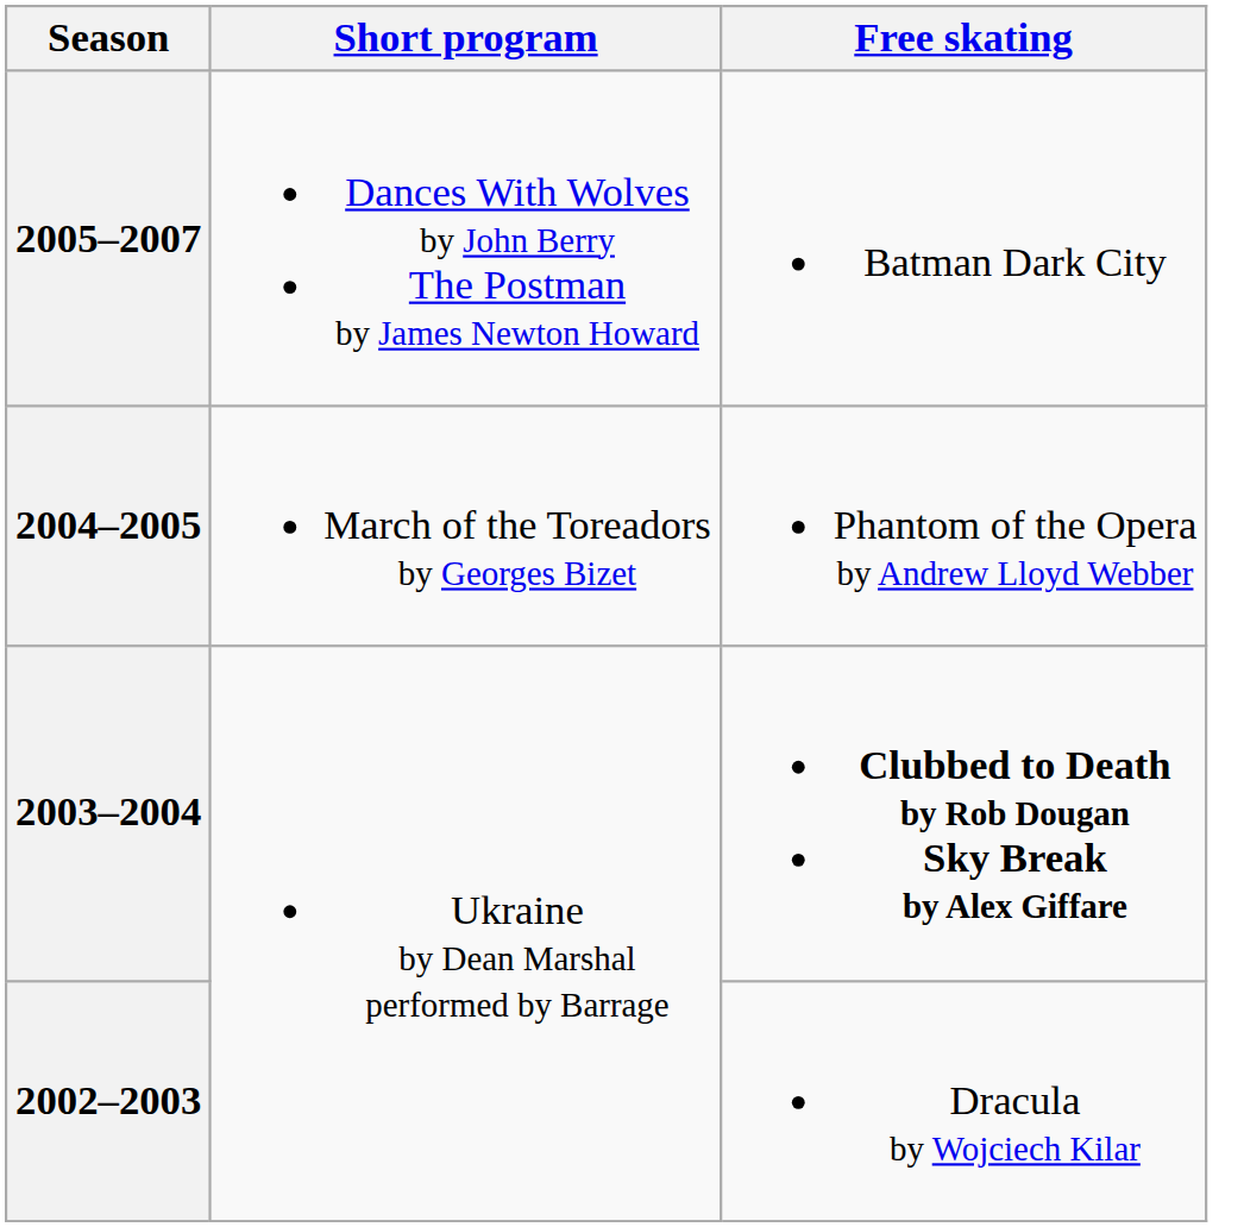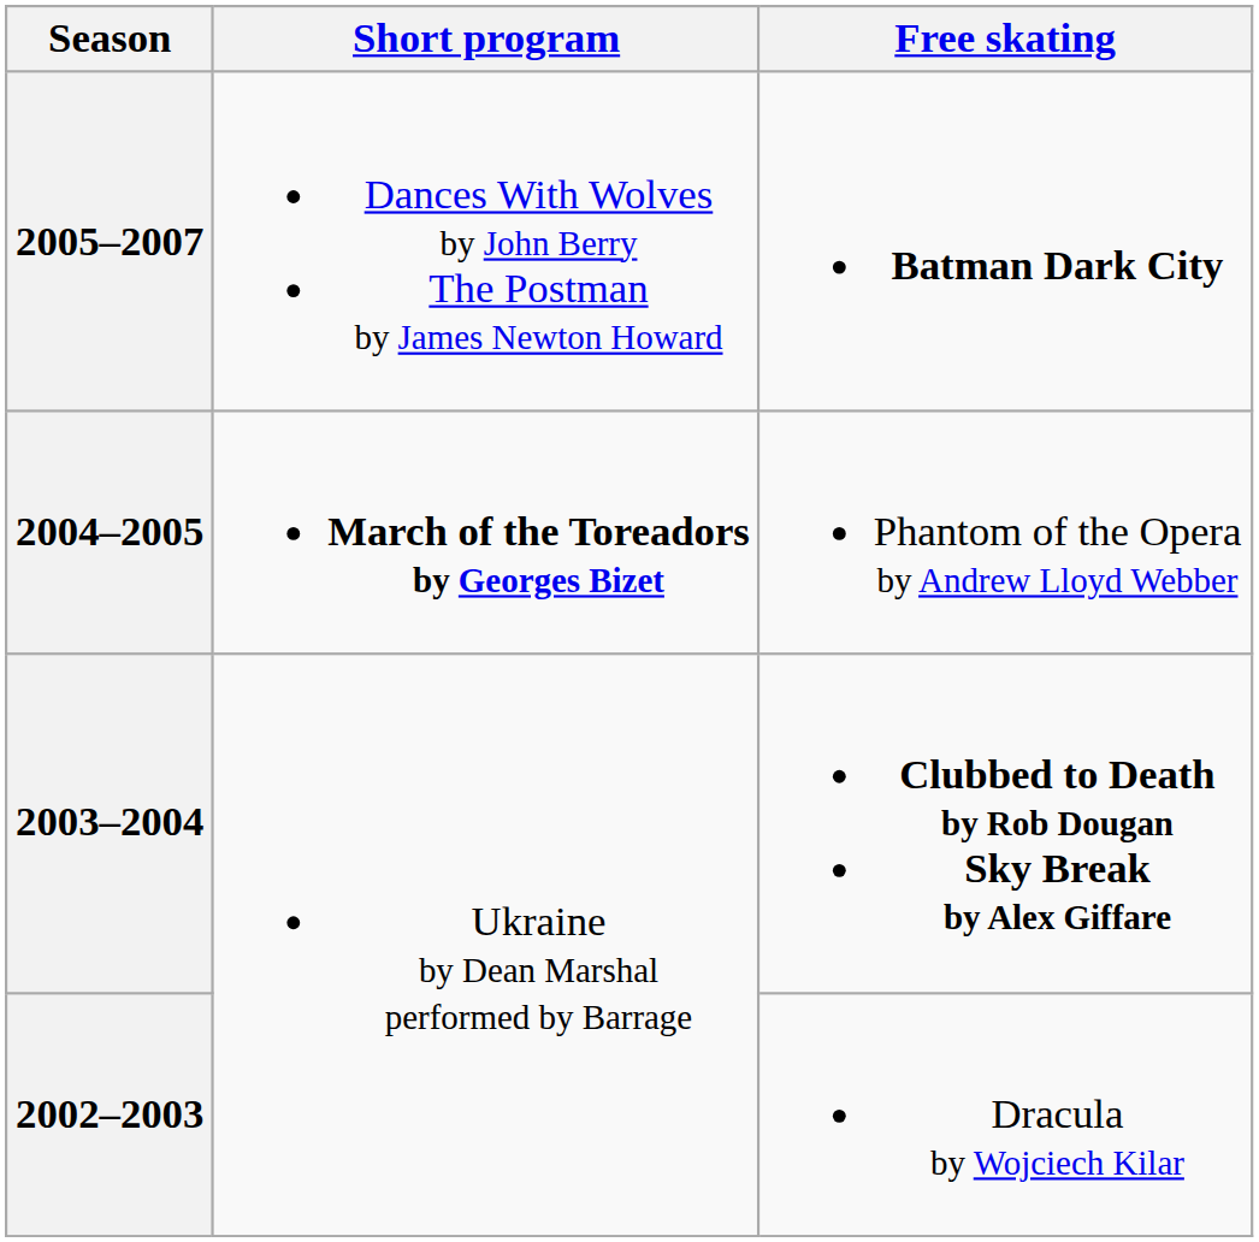 <table class=wikitable style=text-align:center>
 <tr>
 <th>Season</th>
 <th><a href='#'>Short program</a></th>
 <th><a href='#'>Free skating</a></th>
 </tr>
 <tr>
 <th>2005–2007 <br> </th>
 <td><br><ul><li><a href='#'>Dances With Wolves</a> <br><small> by <a href='#'>John Berry</a> </small></li><li><a href='#'>The Postman</a> <br><small> by <a href='#'>James Newton Howard</a> </small></li></ul></td>
-<td><br><ul><li>Batman Dark City</li></ul></td>
+<td><strong><br><ul><li>Batman Dark City</li></ul></strong></td>
 </tr>
 <tr>
 <th>2004–2005 <br> </th>
-<td><br><ul><li>March of the Toreadors <br><small> by <a href='#'>Georges Bizet</a> </small></li></ul></td>
+<td><strong><br><ul><li>March of the Toreadors <br><small> by <a href='#'>Georges Bizet</a> </small></li></ul></strong></td>
 <td><br><ul><li>Phantom of the Opera <br><small> by <a href='#'>Andrew Lloyd Webber</a> </small></li></ul></td>
 </tr>
 <tr>
 <th>2003–2004 <br> </th>
 <td rowspan=2><br><ul><li>Ukraine <br><small> by Dean Marshal <br> performed by Barrage </small></li></ul></td>
 <td><strong><br><ul><li>Clubbed to Death <br><small> by Rob Dougan </small></li><li>Sky Break <br><small> by Alex Giffare </small></li></ul></strong></td>
 </tr>
 <tr>
 <th>2002–2003 <br> </th>
 <td><br><ul><li>Dracula <br><small> by <a href='#'>Wojciech Kilar</a> </small></li></ul></td>
 </tr>
 </table>
